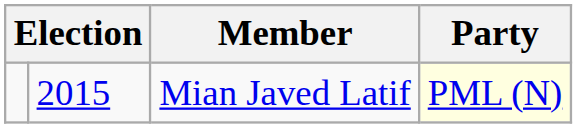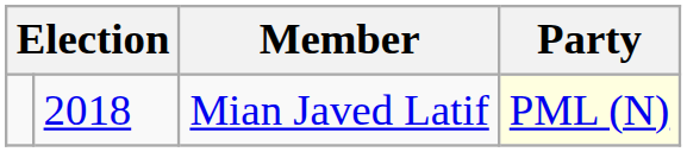 <table class="wikitable">
 <tr>
 <th colspan="2">Election</th>
 <th>Member</th>
 <th>Party</th>
 </tr>
 <tr>
 <td style="background-color: "></td>
-<td><a href='#'>2015</a></td>
+<td><a href='#'>2018</a></td>
 <td><a href='#'>Mian Javed Latif</a></td>
 <td style="background: lightyellow;"><a href='#'>PML (N)</a></td>
 </tr>
 </table>
